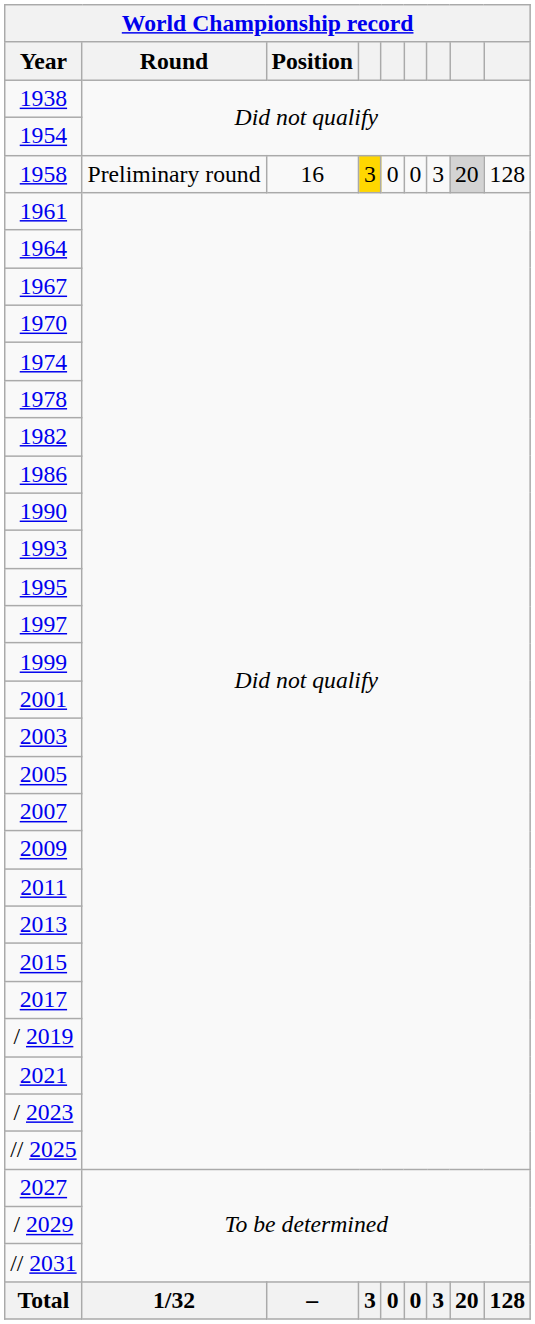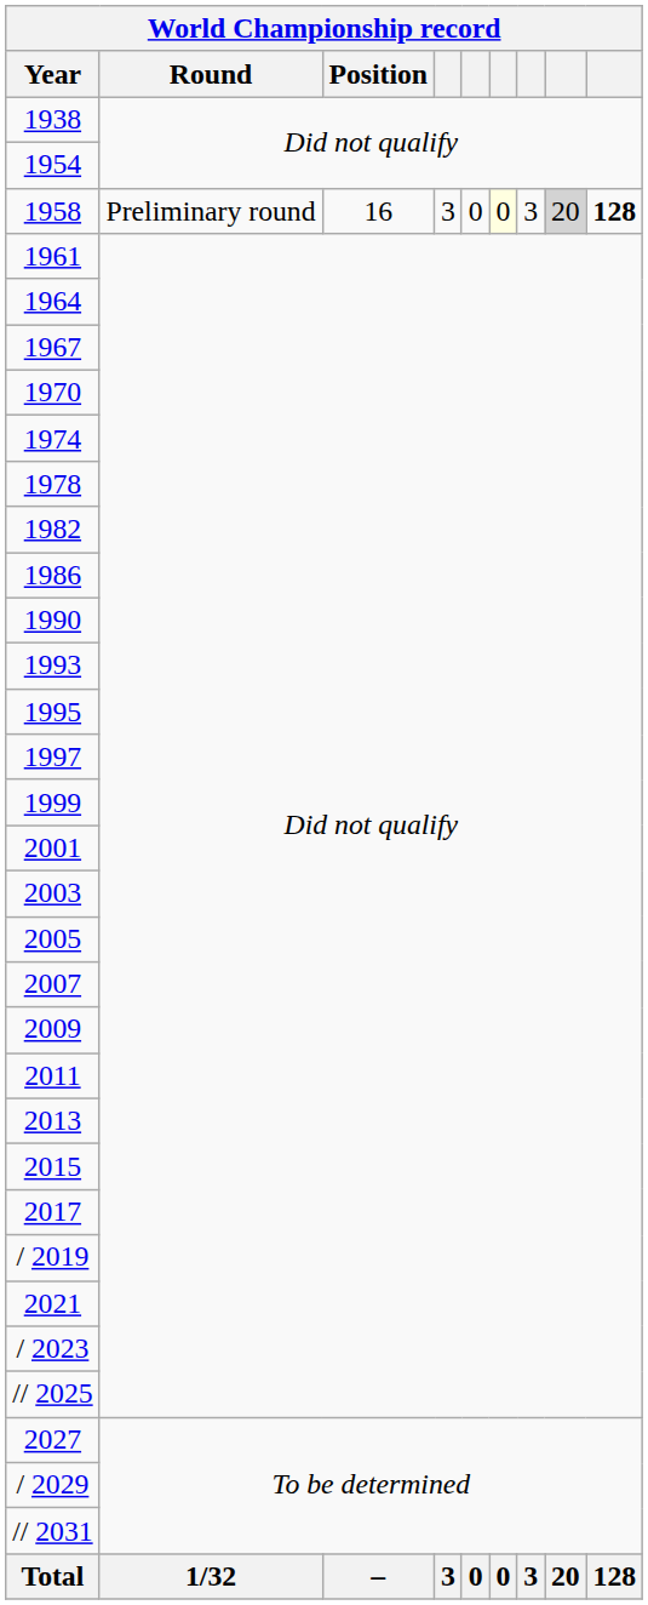 <table class="wikitable" style="text-align: center;">
 <tr>
 <th colspan=9><a href='#'>World Championship record</a></th>
 </tr>
 <tr>
 <th>Year</th>
 <th>Round</th>
 <th>Position</th>
 <th></th>
 <th></th>
 <th></th>
 <th></th>
 <th></th>
 <th></th>
 </tr>
 <tr>
 <td> <a href='#'>1938</a></td>
 <td colspan="8" rowspan="2"><em>Did not qualify</em></td>
 </tr>
 <tr>
 <td> <a href='#'>1954</a></td>
 </tr>
 <tr>
 <td> <a href='#'>1958</a></td>
 <td>Preliminary round</td>
 <td>16</td>
-<td style="background: gold;">3</td>
+<td>3</td>
 <td>0</td>
-<td>0</td>
+<td style="background: lightyellow;">0</td>
 <td>3</td>
 <td style="background: lightgrey;">20</td>
-<td>128</td>
+<td><strong>128</strong></td>
 </tr>
 <tr>
 <td> <a href='#'>1961</a></td>
 <td colspan="8" rowspan="26"><em>Did not qualify</em></td>
 </tr>
 <tr>
 <td> <a href='#'>1964</a></td>
 </tr>
 <tr>
 <td> <a href='#'>1967</a></td>
 </tr>
 <tr>
 <td> <a href='#'>1970</a></td>
 </tr>
 <tr>
 <td> <a href='#'>1974</a></td>
 </tr>
 <tr>
 <td> <a href='#'>1978</a></td>
 </tr>
 <tr>
 <td> <a href='#'>1982</a></td>
 </tr>
 <tr>
 <td> <a href='#'>1986</a></td>
 </tr>
 <tr>
 <td> <a href='#'>1990</a></td>
 </tr>
 <tr>
 <td> <a href='#'>1993</a></td>
 </tr>
 <tr>
 <td> <a href='#'>1995</a></td>
 </tr>
 <tr>
 <td> <a href='#'>1997</a></td>
 </tr>
 <tr>
 <td> <a href='#'>1999</a></td>
 </tr>
 <tr>
 <td> <a href='#'>2001</a></td>
 </tr>
 <tr>
 <td> <a href='#'>2003</a></td>
 </tr>
 <tr>
 <td> <a href='#'>2005</a></td>
 </tr>
 <tr>
 <td> <a href='#'>2007</a></td>
 </tr>
 <tr>
 <td> <a href='#'>2009</a></td>
 </tr>
 <tr>
 <td> <a href='#'>2011</a></td>
 </tr>
 <tr>
 <td> <a href='#'>2013</a></td>
 </tr>
 <tr>
 <td> <a href='#'>2015</a></td>
 </tr>
 <tr>
 <td> <a href='#'>2017</a></td>
 </tr>
 <tr>
 <td>/ <a href='#'>2019</a></td>
 </tr>
 <tr>
 <td> <a href='#'>2021</a></td>
 </tr>
 <tr>
 <td>/ <a href='#'>2023</a></td>
 </tr>
 <tr>
 <td>// <a href='#'>2025</a></td>
 </tr>
 <tr>
 <td> <a href='#'>2027</a></td>
 <td colspan="8" rowspan="3"><em>To be determined</em></td>
 </tr>
 <tr>
 <td>/ <a href='#'>2029</a></td>
 </tr>
 <tr>
 <td>// <a href='#'>2031</a></td>
 </tr>
 <tr>
 <th>Total</th>
 <th>1/32</th>
 <th>–</th>
 <th>3</th>
 <th>0</th>
 <th>0</th>
 <th>3</th>
 <th>20</th>
 <th>128</th>
 </tr>
 </table>
